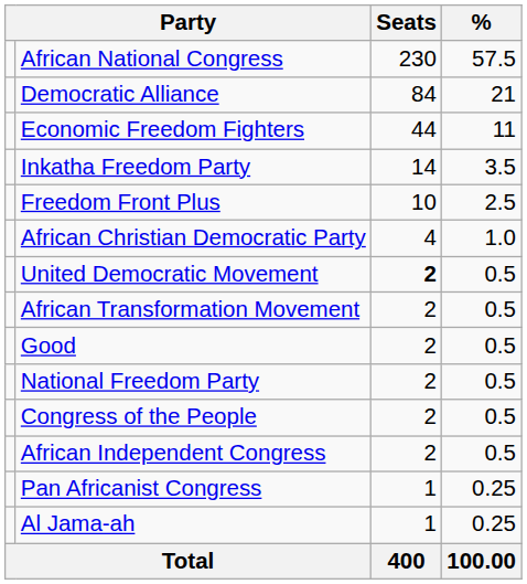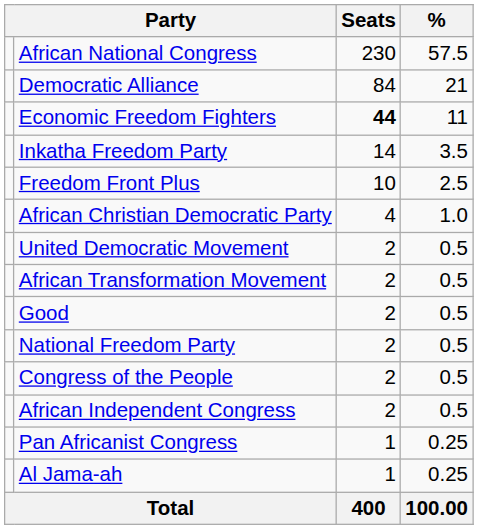 <table class=wikitable style=text-align:right>
 <tr>
 <th colspan=2>Party</th>
 <th>Seats</th>
 <th>%</th>
 </tr>
 <tr>
 <td bgcolor=></td>
 <td align=left><a href='#'>African National Congress</a></td>
 <td>230</td>
 <td>57.5</td>
 </tr>
 <tr>
 <td bgcolor=></td>
 <td align=left><a href='#'>Democratic Alliance</a></td>
 <td>84</td>
 <td>21</td>
 </tr>
 <tr>
 <td bgcolor=></td>
 <td align=left><a href='#'>Economic Freedom Fighters</a></td>
-<td>44</td>
+<td><strong>44</strong></td>
 <td>11</td>
 </tr>
 <tr>
 <td bgcolor=></td>
 <td align=left><a href='#'>Inkatha Freedom Party</a></td>
 <td>14</td>
 <td>3.5</td>
 </tr>
 <tr>
 <td bgcolor=></td>
 <td align=left><a href='#'>Freedom Front Plus</a></td>
 <td>10</td>
 <td>2.5</td>
 </tr>
 <tr>
 <td bgcolor=></td>
 <td align=left><a href='#'>African Christian Democratic Party</a></td>
 <td>4</td>
 <td>1.0</td>
 </tr>
 <tr>
 <td bgcolor=></td>
 <td align=left><a href='#'>United Democratic Movement</a></td>
-<td><strong>2</strong></td>
+<td>2</td>
 <td>0.5</td>
 </tr>
 <tr>
 <td bgcolor=></td>
 <td align=left><a href='#'>African Transformation Movement</a></td>
 <td>2</td>
 <td>0.5</td>
 </tr>
 <tr>
 <td bgcolor=></td>
 <td align=left><a href='#'>Good</a></td>
 <td>2</td>
 <td>0.5</td>
 </tr>
 <tr>
 <td bgcolor=></td>
 <td align=left><a href='#'>National Freedom Party</a></td>
 <td>2</td>
 <td>0.5</td>
 </tr>
 <tr>
 <td bgcolor=></td>
 <td align=left><a href='#'>Congress of the People</a></td>
 <td>2</td>
 <td>0.5</td>
 </tr>
 <tr>
 <td bgcolor=></td>
 <td align=left><a href='#'>African Independent Congress</a></td>
 <td>2</td>
 <td>0.5</td>
 </tr>
 <tr>
 <td bgcolor=></td>
 <td align=left><a href='#'>Pan Africanist Congress</a></td>
 <td>1</td>
 <td>0.25</td>
 </tr>
 <tr>
 <td bgcolor=></td>
 <td align=left><a href='#'>Al Jama-ah</a></td>
 <td>1</td>
 <td>0.25</td>
 </tr>
 <tr style=font-weight:bold>
 <th colspan=2>Total</th>
 <th>400</th>
 <th>100.00</th>
 </tr>
 </table>
